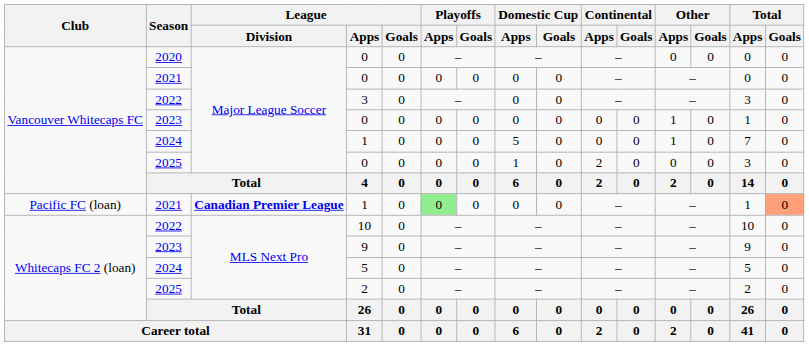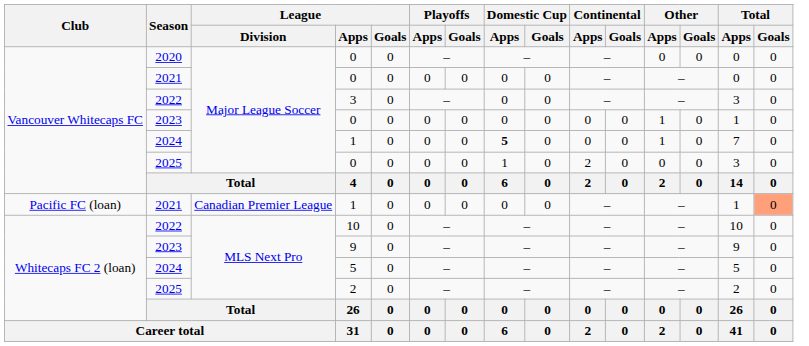 <table class="wikitable" style="text-align: center">
 <tr>
 <th rowspan="2">Club</th>
 <th rowspan="2">Season</th>
 <th colspan="3">League</th>
 <th colspan="2">Playoffs</th>
 <th colspan="2">Domestic Cup</th>
 <th colspan="2">Continental</th>
 <th colspan="2">Other</th>
 <th colspan="2">Total</th>
 </tr>
 <tr>
 <th>Division</th>
 <th>Apps</th>
 <th>Goals</th>
 <th>Apps</th>
 <th>Goals</th>
 <th>Apps</th>
 <th>Goals</th>
 <th>Apps</th>
 <th>Goals</th>
 <th>Apps</th>
 <th>Goals</th>
 <th>Apps</th>
 <th>Goals</th>
 </tr>
 <tr>
 <td rowspan=7><a href='#'>Vancouver Whitecaps FC</a></td>
 <td><a href='#'>2020</a></td>
 <td rowspan=6><a href='#'>Major League Soccer</a></td>
 <td>0</td>
 <td>0</td>
 <td colspan="2">–</td>
 <td colspan="2">–</td>
 <td colspan="2">–</td>
 <td>0</td>
 <td>0</td>
 <td>0</td>
 <td>0</td>
 </tr>
 <tr>
 <td><a href='#'>2021</a></td>
 <td>0</td>
 <td>0</td>
 <td>0</td>
 <td>0</td>
 <td>0</td>
 <td>0</td>
 <td colspan="2">–</td>
 <td colspan="2">–</td>
 <td>0</td>
 <td>0</td>
 </tr>
 <tr>
 <td><a href='#'>2022</a></td>
 <td>3</td>
 <td>0</td>
 <td colspan="2">–</td>
 <td>0</td>
 <td>0</td>
 <td colspan="2">–</td>
 <td colspan="2">–</td>
 <td>3</td>
 <td>0</td>
 </tr>
 <tr>
 <td><a href='#'>2023</a></td>
 <td>0</td>
 <td>0</td>
 <td>0</td>
 <td>0</td>
 <td>0</td>
 <td>0</td>
 <td>0</td>
 <td>0</td>
 <td>1</td>
 <td>0</td>
 <td>1</td>
 <td>0</td>
 </tr>
 <tr>
 <td><a href='#'>2024</a></td>
 <td>1</td>
 <td>0</td>
 <td>0</td>
 <td>0</td>
-<td>5</td>
+<td><strong>5</strong></td>
 <td>0</td>
 <td>0</td>
 <td>0</td>
 <td>1</td>
 <td>0</td>
 <td>7</td>
 <td>0</td>
 </tr>
 <tr>
 <td><a href='#'>2025</a></td>
 <td>0</td>
 <td>0</td>
 <td>0</td>
 <td>0</td>
 <td>1</td>
 <td>0</td>
 <td>2</td>
 <td>0</td>
 <td>0</td>
 <td>0</td>
 <td>3</td>
 <td>0</td>
 </tr>
 <tr>
 <th colspan="2">Total</th>
 <th>4</th>
 <th>0</th>
 <th>0</th>
 <th>0</th>
 <th>6</th>
 <th>0</th>
 <th>2</th>
 <th>0</th>
 <th>2</th>
 <th>0</th>
 <th>14</th>
 <th>0</th>
 </tr>
 <tr>
 <td><a href='#'>Pacific FC</a> (loan)</td>
 <td><a href='#'>2021</a></td>
-<td><strong><a href='#'>Canadian Premier League</a></strong></td>
+<td><a href='#'>Canadian Premier League</a></td>
 <td>1</td>
 <td>0</td>
-<td style="background: lightgreen;">0</td>
+<td>0</td>
 <td>0</td>
 <td>0</td>
 <td>0</td>
 <td colspan="2">–</td>
 <td colspan="2">–</td>
 <td>1</td>
 <td style="background: lightsalmon;">0</td>
 </tr>
 <tr>
 <td rowspan=5><a href='#'>Whitecaps FC 2</a> (loan)</td>
 <td><a href='#'>2022</a></td>
 <td rowspan=4><a href='#'>MLS Next Pro</a></td>
 <td>10</td>
 <td>0</td>
 <td colspan="2">–</td>
 <td colspan="2">–</td>
 <td colspan="2">–</td>
 <td colspan="2">–</td>
 <td>10</td>
 <td>0</td>
 </tr>
 <tr>
 <td><a href='#'>2023</a></td>
 <td>9</td>
 <td>0</td>
 <td colspan="2">–</td>
 <td colspan="2">–</td>
 <td colspan="2">–</td>
 <td colspan="2">–</td>
 <td>9</td>
 <td>0</td>
 </tr>
 <tr>
 <td><a href='#'>2024</a></td>
 <td>5</td>
 <td>0</td>
 <td colspan="2">–</td>
 <td colspan="2">–</td>
 <td colspan="2">–</td>
 <td colspan="2">–</td>
 <td>5</td>
 <td>0</td>
 </tr>
 <tr>
 <td><a href='#'>2025</a></td>
 <td>2</td>
 <td>0</td>
 <td colspan="2">–</td>
 <td colspan="2">–</td>
 <td colspan="2">–</td>
 <td colspan="2">–</td>
 <td>2</td>
 <td>0</td>
 </tr>
 <tr>
 <th colspan="2">Total</th>
 <th>26</th>
 <th>0</th>
 <th>0</th>
 <th>0</th>
 <th>0</th>
 <th>0</th>
 <th>0</th>
 <th>0</th>
 <th>0</th>
 <th>0</th>
 <th>26</th>
 <th>0</th>
 </tr>
 <tr>
 <th colspan="3"><strong>Career total</strong></th>
 <th>31</th>
 <th>0</th>
 <th>0</th>
 <th>0</th>
 <th>6</th>
 <th>0</th>
 <th>2</th>
 <th>0</th>
 <th>2</th>
 <th>0</th>
 <th>41</th>
 <th>0</th>
 </tr>
 </table>
